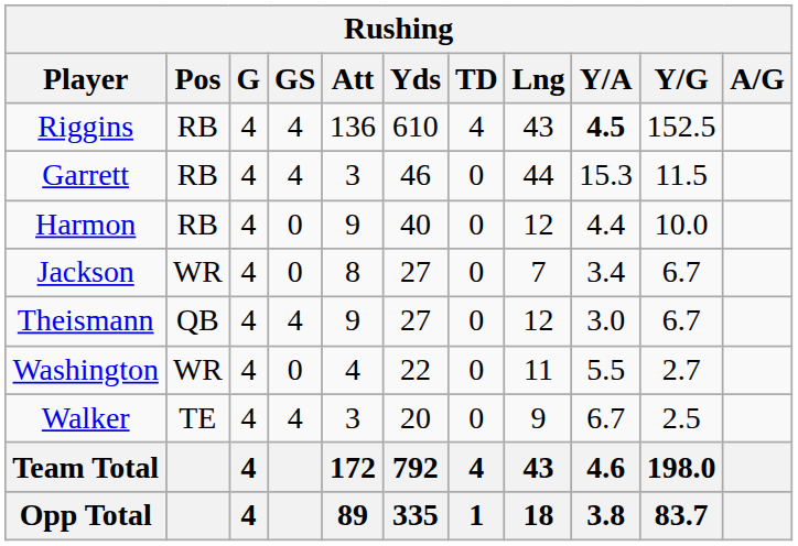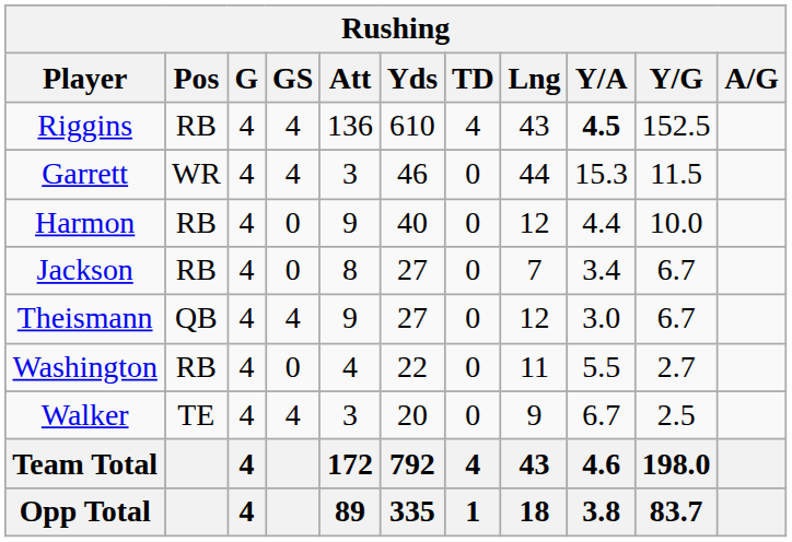 <table class="wikitable" style="text-align:center">
 <tr>
 <th colspan="11">Rushing</th>
 </tr>
 <tr>
 <th>Player</th>
 <th>Pos</th>
 <th>G</th>
 <th>GS</th>
 <th>Att</th>
 <th>Yds</th>
 <th>TD</th>
 <th>Lng</th>
 <th>Y/A</th>
 <th>Y/G</th>
 <th>A/G</th>
 </tr>
 <tr>
 <td><a href='#'>Riggins</a></td>
 <td>RB</td>
 <td>4</td>
 <td>4</td>
 <td>136</td>
 <td>610</td>
 <td>4</td>
 <td>43</td>
 <td><strong>4.5</strong></td>
 <td>152.5</td>
 <td></td>
 </tr>
 <tr>
 <td><a href='#'>Garrett</a></td>
-<td>RB</td>
+<td>WR</td>
 <td>4</td>
 <td>4</td>
 <td>3</td>
 <td>46</td>
 <td>0</td>
 <td>44</td>
 <td>15.3</td>
 <td>11.5</td>
 <td></td>
 </tr>
 <tr>
 <td><a href='#'>Harmon</a></td>
 <td>RB</td>
 <td>4</td>
 <td>0</td>
 <td>9</td>
 <td>40</td>
 <td>0</td>
 <td>12</td>
 <td>4.4</td>
 <td>10.0</td>
 <td></td>
 </tr>
 <tr>
 <td><a href='#'>Jackson</a></td>
-<td>WR</td>
+<td>RB</td>
 <td>4</td>
 <td>0</td>
 <td>8</td>
 <td>27</td>
 <td>0</td>
 <td>7</td>
 <td>3.4</td>
 <td>6.7</td>
 <td></td>
 </tr>
 <tr>
 <td><a href='#'>Theismann</a></td>
 <td>QB</td>
 <td>4</td>
 <td>4</td>
 <td>9</td>
 <td>27</td>
 <td>0</td>
 <td>12</td>
 <td>3.0</td>
 <td>6.7</td>
 <td></td>
 </tr>
 <tr>
 <td><a href='#'>Washington</a></td>
-<td>WR</td>
+<td>RB</td>
 <td>4</td>
 <td>0</td>
 <td>4</td>
 <td>22</td>
 <td>0</td>
 <td>11</td>
 <td>5.5</td>
 <td>2.7</td>
 <td></td>
 </tr>
 <tr>
 <td><a href='#'>Walker</a></td>
 <td>TE</td>
 <td>4</td>
 <td>4</td>
 <td>3</td>
 <td>20</td>
 <td>0</td>
 <td>9</td>
 <td>6.7</td>
 <td>2.5</td>
 <td></td>
 </tr>
 <tr>
 <th>Team Total</th>
 <th></th>
 <th>4</th>
 <th></th>
 <th>172</th>
 <th>792</th>
 <th>4</th>
 <th>43</th>
 <th>4.6</th>
 <th>198.0</th>
 <th></th>
 </tr>
 <tr>
 <th>Opp Total</th>
 <th></th>
 <th>4</th>
 <th></th>
 <th>89</th>
 <th>335</th>
 <th>1</th>
 <th>18</th>
 <th>3.8</th>
 <th>83.7</th>
 <th></th>
 </tr>
 </table>
